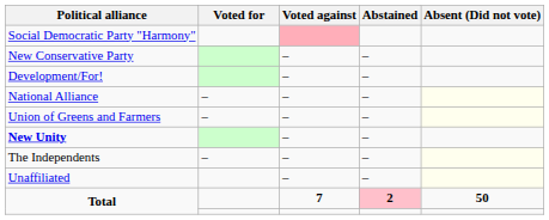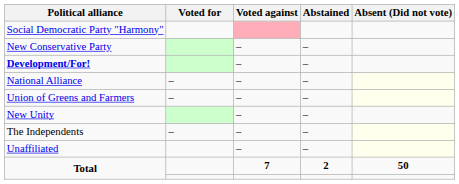 <table class="wikitable">
 <tr>
 <th>Political alliance</th>
 <th style="width:15%;">Voted for</th>
 <th>Voted against</th>
 <th>Abstained</th>
 <th>Absent (Did not vote)</th>
 </tr>
 <tr>
 <td> <a href='#'>Social Democratic Party "Harmony"</a></td>
 <td></td>
 <td style="background-color:#FFAEB9;"></td>
 <td></td>
 <td></td>
 </tr>
 <tr>
 <td> <a href='#'>New Conservative Party</a></td>
 <td style="background-color:#CCFFCC;"></td>
 <td>–</td>
 <td>–</td>
 <td></td>
 </tr>
 <tr>
-<td> <a href='#'>Development/For!</a></td>
+<td><strong> <a href='#'>Development/For!</a></strong></td>
 <td style="background-color:#CCFFCC;"></td>
 <td>–</td>
 <td>–</td>
 <td></td>
 </tr>
 <tr>
 <td> <a href='#'>National Alliance</a></td>
 <td>–</td>
 <td>–</td>
 <td>–</td>
 <td style="background-color:#FFE;"></td>
 </tr>
 <tr>
 <td> <a href='#'>Union of Greens and Farmers</a></td>
 <td>–</td>
 <td>–</td>
 <td>–</td>
 <td style="background-color:#FFE;"></td>
 </tr>
 <tr>
-<td><strong> <a href='#'>New Unity</a></strong></td>
+<td> <a href='#'>New Unity</a></td>
 <td style="background-color:#CCFFCC;"></td>
 <td>–</td>
 <td>–</td>
 <td></td>
 </tr>
 <tr>
 <td> The Independents</td>
 <td>–</td>
 <td>–</td>
 <td>–</td>
 <td style="background-color:#FFE;"></td>
 </tr>
 <tr>
 <td> <a href='#'>Unaffiliated</a></td>
 <td></td>
 <td>–</td>
 <td>–</td>
 <td style="background-color:#FFE;"></td>
 </tr>
 <tr>
 <td style="text-align:center;" rowspan="2"><strong>Total</strong></td>
 <td></td>
 <td style="text-align:center;"><strong>7</strong></td>
-<td style="background: pink; text-align:center;"><strong>2</strong></td>
+<td style="text-align:center;"><strong>2</strong></td>
 <td style="text-align:center;"><strong>50</strong></td>
 </tr>
 <tr>
 <td style="text-align:center;"></td>
 <td style="text-align:center;"></td>
 <td style="text-align:center;"></td>
 <td style="text-align:center;"></td>
 </tr>
 </table>
